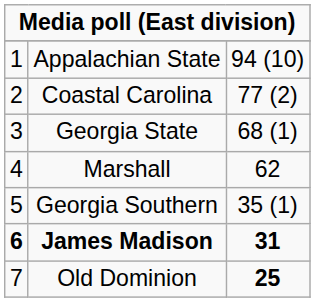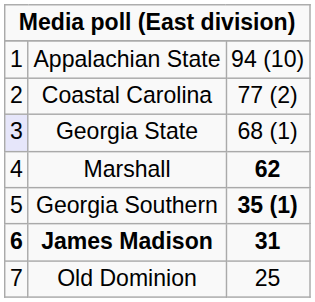 <table class="wikitable" style="display: inline-table;">
 <tr>
 <td align="center" Colspan="3"><strong>Media poll (East division)</strong></td>
 </tr>
 <tr align="center">
 </tr>
 <tr align="center">
 <td>1</td>
 <td>Appalachian State</td>
 <td>94 (10)</td>
 </tr>
 <tr align="center">
 <td>2</td>
 <td>Coastal Carolina</td>
 <td>77 (2)</td>
 </tr>
 <tr align="center">
-<td>3</td>
+<td style="background: lavender;">3</td>
 <td>Georgia State</td>
 <td>68 (1)</td>
 </tr>
 <tr align="center">
 <td>4</td>
 <td>Marshall</td>
-<td>62</td>
+<td><strong>62</strong></td>
 </tr>
 <tr align="center">
 <td>5</td>
 <td>Georgia Southern</td>
-<td>35 (1)</td>
+<td><strong>35 (1)</strong></td>
 </tr>
 <tr align="center">
 <td><strong>6</strong></td>
 <td><strong>James Madison</strong></td>
 <td><strong>31</strong></td>
 </tr>
 <tr align="center">
 <td>7</td>
 <td>Old Dominion</td>
-<td><strong>25</strong></td>
+<td>25</td>
 </tr>
 </table>
